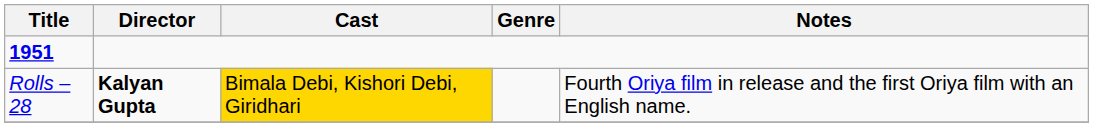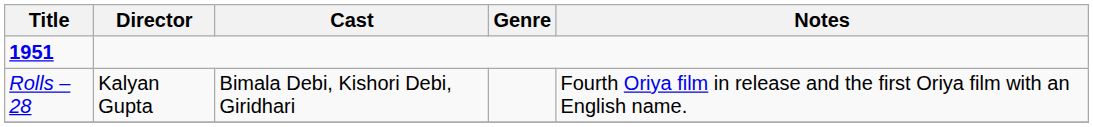 <table class="wikitable">
 <tr>
 <th>Title</th>
 <th>Director</th>
 <th>Cast</th>
 <th>Genre</th>
 <th>Notes</th>
 </tr>
 <tr>
 <td><strong><a href='#'>1951</a></strong></td>
 </tr>
 <tr>
 <td><em><a href='#'>Rolls – 28</a></em></td>
-<td><strong>Kalyan Gupta</strong></td>
-<td style="background: gold;">Bimala Debi, Kishori Debi, Giridhari</td>
+<td>Kalyan Gupta</td>
+<td>Bimala Debi, Kishori Debi, Giridhari</td>
 <td Social></td>
 <td>Fourth <a href='#'>Oriya film</a> in release and the first Oriya film with an English name.</td>
 </tr>
 <tr>
 </tr>
 </table>
